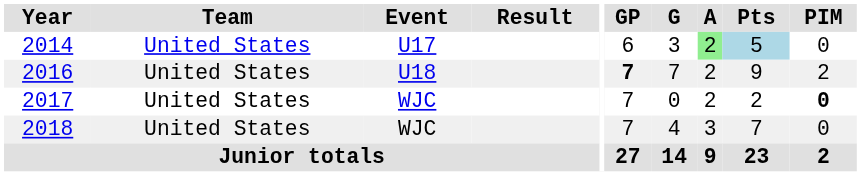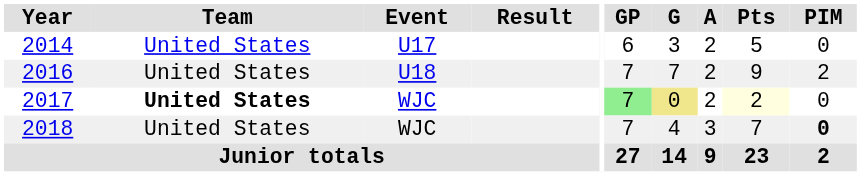 <table border="0" cellpadding="1" cellspacing="0" ID="Table3" style="text-align:center; width:40em">
 <tr ALIGN="center" bgcolor="#e0e0e0">
 <th>Year</th>
 <th>Team</th>
 <th>Event</th>
 <th>Result</th>
 <th rowspan="99" bgcolor="#ffffff"></th>
 <th>GP</th>
 <th>G</th>
 <th>A</th>
 <th>Pts</th>
 <th>PIM</th>
 </tr>
 <tr>
 <td><a href='#'>2014</a></td>
 <td><a href='#'>United States</a></td>
 <td><a href='#'>U17</a></td>
 <td></td>
 <td>6</td>
 <td>3</td>
-<td style="background: lightgreen;">2</td>
-<td style="background: lightblue;">5</td>
+<td>2</td>
+<td>5</td>
 <td>0</td>
 </tr>
 <tr bgcolor="#f0f0f0">
 <td><a href='#'>2016</a></td>
 <td>United States</td>
 <td><a href='#'>U18</a></td>
 <td></td>
-<td><strong>7</strong></td>
+<td>7</td>
 <td>7</td>
 <td>2</td>
 <td>9</td>
 <td>2</td>
 </tr>
 <tr>
 <td><a href='#'>2017</a></td>
-<td>United States</td>
+<td><strong>United States</strong></td>
 <td><a href='#'>WJC</a></td>
 <td></td>
-<td>7</td>
+<td style="background: lightgreen;">7</td>
+<td style="background: khaki;">0</td>
+<td>2</td>
+<td style="background: lightyellow;">2</td>
 <td>0</td>
-<td>2</td>
-<td>2</td>
-<td><strong>0</strong></td>
 </tr>
 <tr bgcolor="#f0f0f0">
 <td><a href='#'>2018</a></td>
 <td>United States</td>
 <td>WJC</td>
 <td></td>
 <td>7</td>
 <td>4</td>
 <td>3</td>
 <td>7</td>
-<td>0</td>
+<td><strong>0</strong></td>
 </tr>
 <tr bgcolor="#e0e0e0">
 <th colspan="4">Junior totals</th>
 <th>27</th>
 <th>14</th>
 <th>9</th>
 <th>23</th>
 <th>2</th>
 </tr>
 </table>
